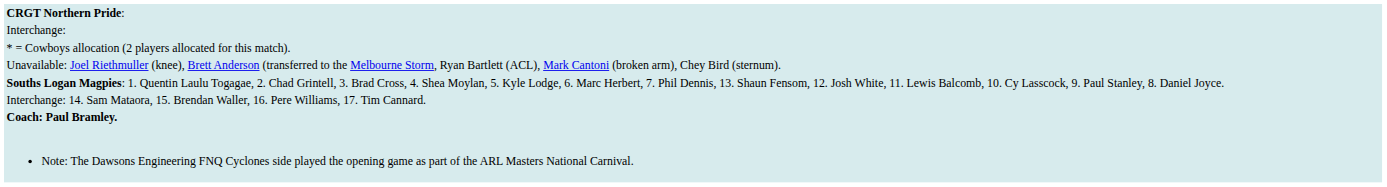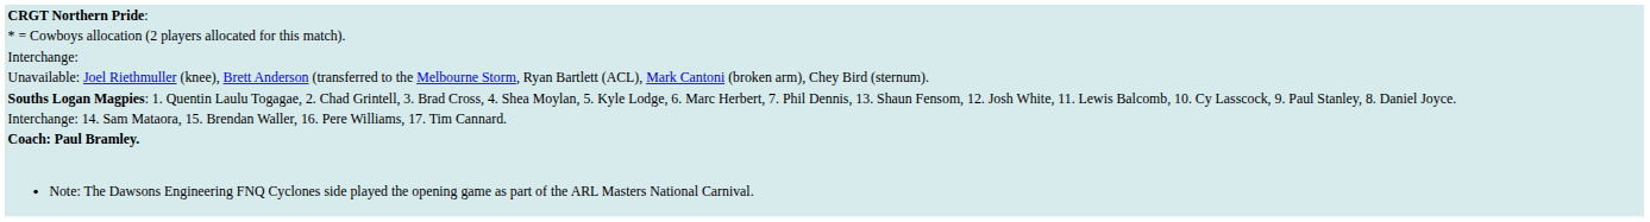 <table style="background:#d7ebed; font-size:85%; width:100%;">
 <tr>
 <td><strong>CRGT Northern Pride</strong>:             </td>
 </tr>
 <tr>
-<td>Interchange:    </td>
+<td>* = Cowboys allocation (2 players allocated for this match).</td>
 </tr>
 <tr>
-<td>* = Cowboys allocation (2 players allocated for this match).</td>
+<td>Interchange:    </td>
 </tr>
 <tr>
 <td>Unavailable: <a href='#'>Joel Riethmuller</a> (knee), <a href='#'>Brett Anderson</a> (transferred to the <a href='#'>Melbourne Storm</a>, Ryan Bartlett (ACL), <a href='#'>Mark Cantoni</a> (broken arm), Chey Bird (sternum).</td>
 </tr>
 <tr>
 <td><strong>Souths Logan Magpies</strong>: 1. Quentin Laulu Togagae, 2. Chad Grintell, 3. Brad Cross, 4. Shea Moylan, 5. Kyle Lodge, 6. Marc Herbert, 7. Phil Dennis, 13. Shaun Fensom, 12. Josh White, 11. Lewis Balcomb, 10. Cy Lasscock, 9. Paul Stanley, 8. Daniel Joyce.</td>
 </tr>
 <tr>
 <td>Interchange: 14. Sam Mataora, 15. Brendan Waller, 16. Pere Williams, 17. Tim Cannard.</td>
 </tr>
 <tr>
 <td><strong>Coach: Paul Bramley.</strong></td>
 </tr>
 <tr>
 <td><br><ul><li>Note: The Dawsons Engineering FNQ Cyclones side played the opening game as part of the ARL Masters National Carnival.</li></ul></td>
 </tr>
 </table>
